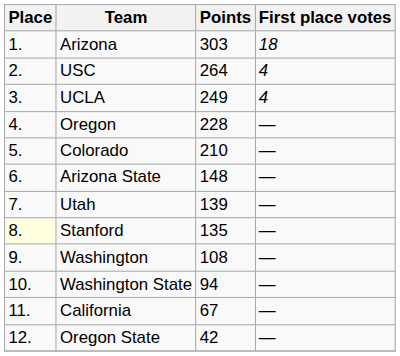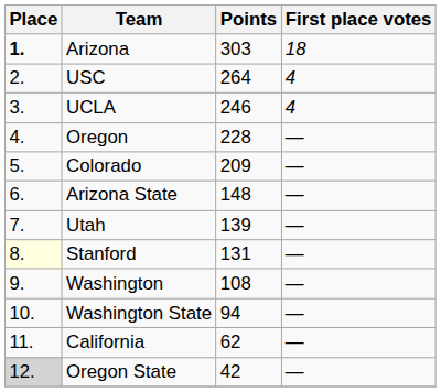 <table class="wikitable">
 <tr>
 <th>Place</th>
 <th>Team</th>
 <th>Points</th>
 <th>First place votes</th>
 </tr>
 <tr>
-<td>1.</td>
+<td><strong>1.</strong></td>
 <td>Arizona</td>
 <td>303</td>
 <td><em>18</em></td>
 </tr>
 <tr>
 <td>2.</td>
 <td>USC</td>
 <td>264</td>
 <td><em>4</em></td>
 </tr>
 <tr>
 <td>3.</td>
 <td>UCLA</td>
-<td>249</td>
+<td>246</td>
 <td><em>4</em></td>
 </tr>
 <tr>
 <td>4.</td>
 <td>Oregon</td>
 <td>228</td>
 <td>—</td>
 </tr>
 <tr>
 <td>5.</td>
 <td>Colorado</td>
-<td>210</td>
+<td>209</td>
 <td>—</td>
 </tr>
 <tr>
 <td>6.</td>
 <td>Arizona State</td>
 <td>148</td>
 <td>—</td>
 </tr>
 <tr>
 <td>7.</td>
 <td style=>Utah</td>
 <td>139</td>
 <td>—</td>
 </tr>
 <tr>
 <td style="background: lightyellow;">8.</td>
 <td>Stanford</td>
-<td>135</td>
+<td>131</td>
 <td>—</td>
 </tr>
 <tr>
 <td>9.</td>
 <td>Washington</td>
 <td>108</td>
 <td>—</td>
 </tr>
 <tr>
 <td>10.</td>
 <td>Washington State</td>
 <td>94</td>
 <td>—</td>
 </tr>
 <tr>
 <td>11.</td>
 <td>California</td>
-<td>67</td>
+<td>62</td>
 <td>—</td>
 </tr>
 <tr>
-<td>12.</td>
+<td style="background: lightgrey;">12.</td>
 <td>Oregon State</td>
 <td>42</td>
 <td>—</td>
 </tr>
 <tr>
 </tr>
 </table>
